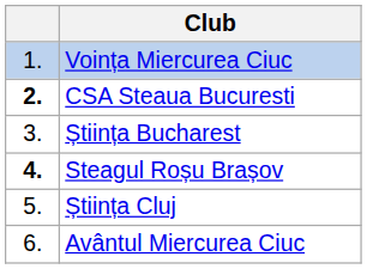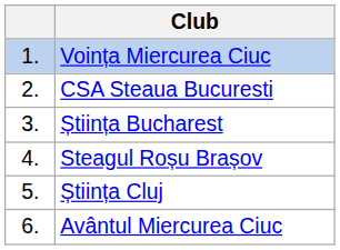 <table class="wikitable">
 <tr>
 <th width="30"></th>
 <th width="200">Club</th>
 </tr>
 <tr bgcolor="#BCD2EE" align="center">
 <td>1.</td>
 <td align="left"><a href='#'>Voința Miercurea Ciuc</a></td>
 </tr>
 <tr bgcolor="#FFFFFF" align="center">
-<td><strong>2.</strong></td>
+<td>2.</td>
 <td align="left"><a href='#'>CSA Steaua Bucuresti</a></td>
 </tr>
 <tr bgcolor="#FFFFFF" align="center">
 <td>3.</td>
 <td align="left"><a href='#'>Știința Bucharest</a></td>
 </tr>
 <tr bgcolor="#FFFFFF" align="center">
-<td><strong>4.</strong></td>
+<td>4.</td>
 <td align="left"><a href='#'>Steagul Roșu Brașov</a></td>
 </tr>
 <tr bgcolor="#FFFFFF" align="center">
 <td>5.</td>
 <td align="left"><a href='#'>Știința Cluj</a></td>
 </tr>
 <tr bgcolor="#FFFFFF" align="center">
 <td>6.</td>
 <td align="left"><a href='#'>Avântul Miercurea Ciuc</a></td>
 </tr>
 </table>
